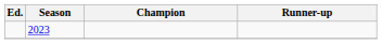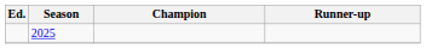 <table class="sortable wikitable">
 <tr>
 <th width=px>Ed.</th>
 <th width=80px>Season</th>
 <th width=220px>Champion</th>
 <th width=200px>Runner-up</th>
 </tr>
 <tr>
 <td></td>
-<td><a href='#'>2023</a></td>
+<td><a href='#'>2025</a></td>
 <td></td>
 <td></td>
 </tr>
 <tr>
 </tr>
 </table>
